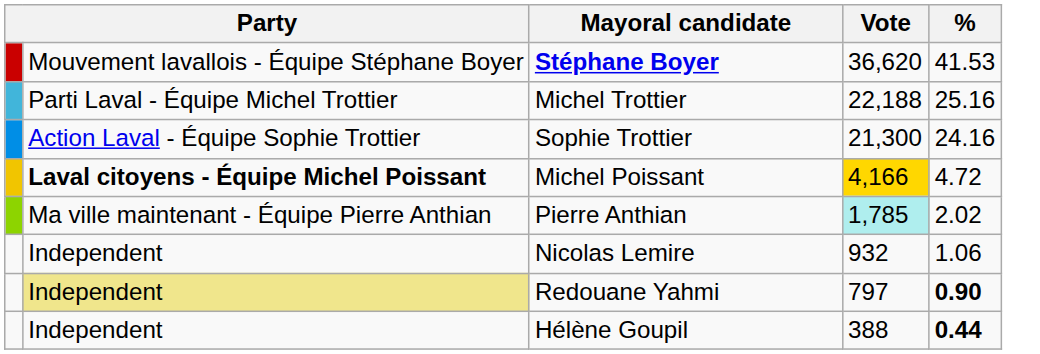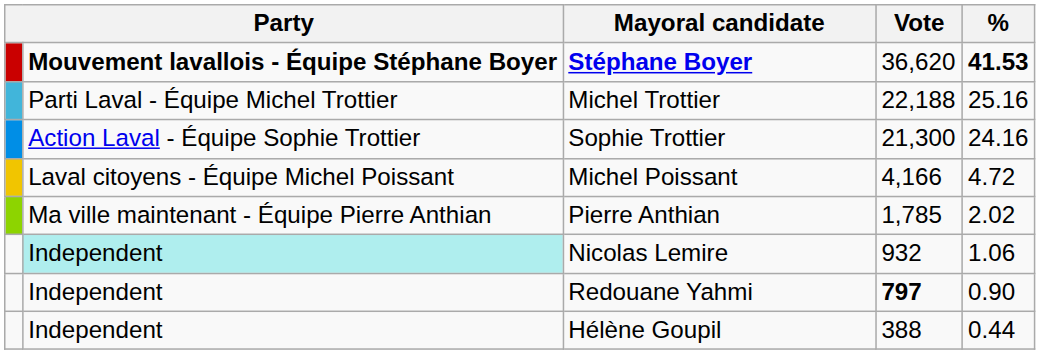 <table class="wikitable">
 <tr>
 <th bgcolor="#DDDDFF" width="230px" colspan="2">Party</th>
 <th bgcolor="#DDDDFF" width="200px">Mayoral candidate</th>
 <th bgcolor="#DDDDFF" width="50px">Vote</th>
 <th bgcolor="#DDDDFF" width="30px">%</th>
 </tr>
 <tr>
 <td bgcolor=#CA0000> </td>
-<td>Mouvement lavallois - Équipe Stéphane Boyer</td>
+<td><strong>Mouvement lavallois - Équipe Stéphane Boyer</strong></td>
 <td><strong><a href='#'>Stéphane Boyer</a></strong></td>
 <td>36,620</td>
-<td>41.53</td>
+<td><strong>41.53</strong></td>
 </tr>
 <tr>
 <td bgcolor=#41B5DA> </td>
 <td>Parti Laval - Équipe Michel Trottier</td>
 <td>Michel Trottier</td>
 <td>22,188</td>
 <td>25.16</td>
 </tr>
 <tr>
 <td bgcolor=#008EE6> </td>
 <td><a href='#'>Action Laval</a> - Équipe Sophie Trottier</td>
 <td>Sophie Trottier</td>
 <td>21,300</td>
 <td>24.16</td>
 </tr>
 <tr>
 <td bgcolor=#f1c500> </td>
-<td><strong>Laval citoyens - Équipe Michel Poissant</strong></td>
+<td>Laval citoyens - Équipe Michel Poissant</td>
 <td>Michel Poissant</td>
-<td style="background: gold;">4,166</td>
+<td>4,166</td>
 <td>4.72</td>
 </tr>
 <tr>
 <td bgcolor=#8dd400> </td>
 <td>Ma ville maintenant - Équipe Pierre Anthian</td>
 <td>Pierre Anthian</td>
-<td style="background: paleturquoise;">1,785</td>
+<td>1,785</td>
 <td>2.02</td>
 </tr>
 <tr>
 <td> </td>
-<td>Independent</td>
+<td style="background: paleturquoise;">Independent</td>
 <td>Nicolas Lemire</td>
 <td>932</td>
 <td>1.06</td>
 </tr>
 <tr>
 <td> </td>
-<td style="background: khaki;">Independent</td>
+<td>Independent</td>
 <td>Redouane Yahmi</td>
-<td>797</td>
-<td><strong>0.90</strong></td>
+<td><strong>797</strong></td>
+<td>0.90</td>
 </tr>
 <tr>
 <td> </td>
 <td>Independent</td>
 <td>Hélène Goupil</td>
 <td>388</td>
-<td><strong>0.44</strong></td>
+<td>0.44</td>
 </tr>
 </table>
